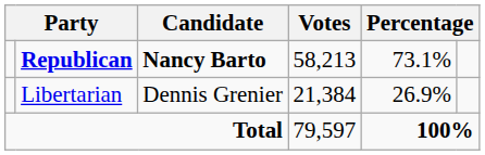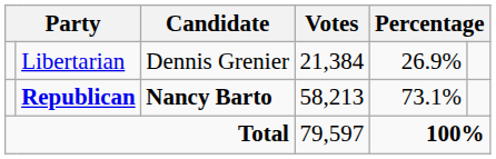 <table class="wikitable" style="text-align:right;">
 <tr style="background-color:#E9E9E9;text-align:center;">
 <th colspan=2>Party</th>
 <th>Candidate</th>
 <th>Votes</th>
 <th colspan=2>Percentage</th>
+</tr>
+<tr>
+<td style="background-color:"></td>
+<td style="text-align:left;"><a href='#'>Libertarian</a></td>
+<td style="text-align:left;">Dennis Grenier</td>
+<td style="text-align:right;">21,384</td>
+<td style="text-align:right;">26.9%</td>
+<td style="text-align:right;"><div><div> </div></div></td>
 </tr>
 <tr>
 <td style="background-color:"></td>
 <td style="text-align:left;"><strong><a href='#'>Republican</a></strong></td>
 <td style="text-align:left;"><strong>Nancy Barto</strong></td>
 <td style="text-align:right;">58,213</td>
 <td style="text-align:right;">73.1%</td>
 <td style="text-align:right;"><div><div> </div></div></td>
 </tr>
 <tr>
-<td style="background-color:"></td>
-<td style="text-align:left;"><a href='#'>Libertarian</a></td>
-<td style="text-align:left;">Dennis Grenier</td>
-<td style="text-align:right;">21,384</td>
-<td style="text-align:right;">26.9%</td>
-<td style="text-align:right;"><div><div> </div></div></td>
-</tr>
-<tr>
 <td colspan="3" style="text-align:right;"><strong>Total</strong></td>
 <td style="text-align:right;">79,597</td>
 <td style="text-align:right;" colspan=2><strong>100%</strong></td>
 </tr>
 </table>
